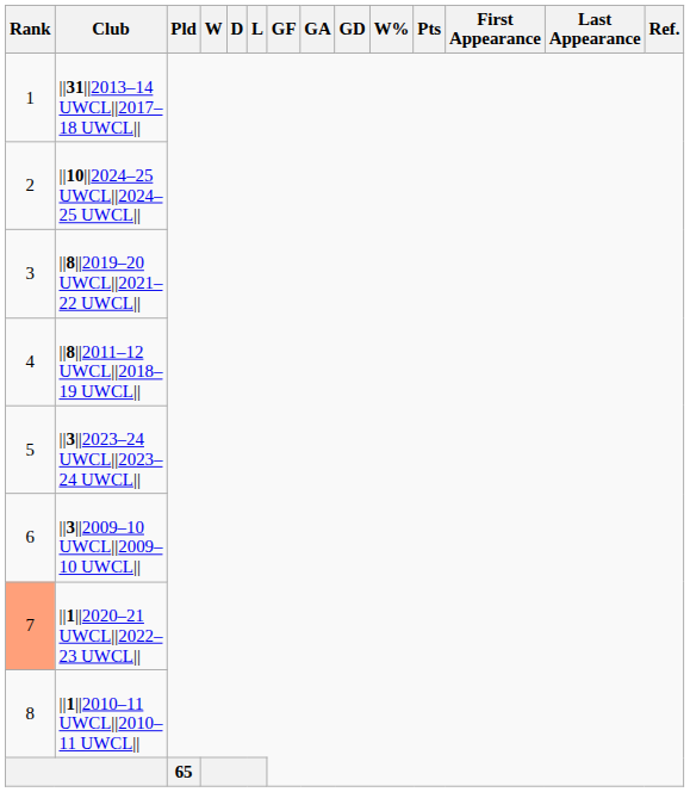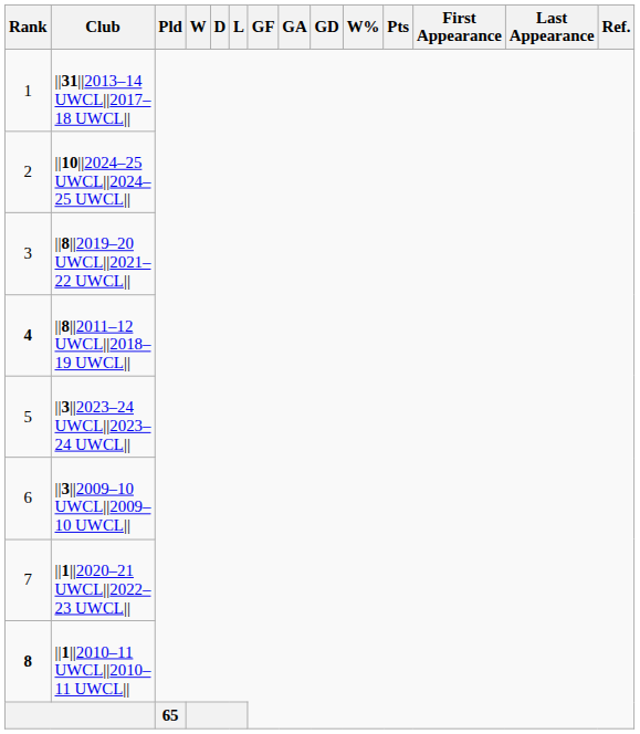 <table class="wikitable sortable" style="text-align: center;">
 <tr>
 <th>Rank</th>
 <th>Club</th>
 <th>Pld</th>
 <th>W</th>
 <th>D</th>
 <th>L</th>
 <th>GF</th>
 <th>GA</th>
 <th>GD</th>
 <th>W%</th>
 <th>Pts</th>
 <th>First Appearance</th>
 <th>Last Appearance</th>
 <th>Ref.</th>
 </tr>
 <tr>
 <td>1</td>
 <td align=left><br>||<strong>31</strong>||<a href='#'>2013–14 UWCL</a>||<a href='#'>2017–18 UWCL</a>||</td>
 </tr>
 <tr>
 <td>2</td>
 <td align=left><br>||<strong>10</strong>||<a href='#'>2024–25 UWCL</a>||<a href='#'>2024–25 UWCL</a>||</td>
 </tr>
 <tr>
 <td>3</td>
 <td align=left><br>||<strong>8</strong>||<a href='#'>2019–20 UWCL</a>||<a href='#'>2021–22 UWCL</a>||</td>
 </tr>
 <tr>
-<td>4</td>
+<td><strong>4</strong></td>
 <td align=left><br>||<strong>8</strong>||<a href='#'>2011–12 UWCL</a>||<a href='#'>2018–19 UWCL</a>||</td>
 </tr>
 <tr>
 <td>5</td>
 <td align=left><br>||<strong>3</strong>||<a href='#'>2023–24 UWCL</a>||<a href='#'>2023–24 UWCL</a>||</td>
 </tr>
 <tr>
 <td>6</td>
 <td align=left><br>||<strong>3</strong>||<a href='#'>2009–10 UWCL</a>||<a href='#'>2009–10 UWCL</a>||</td>
 </tr>
 <tr>
-<td style="background: lightsalmon;">7</td>
+<td>7</td>
 <td align=left><br>||<strong>1</strong>||<a href='#'>2020–21 UWCL</a>||<a href='#'>2022–23 UWCL</a>||</td>
 </tr>
 <tr align=center>
-<td>8</td>
+<td><strong>8</strong></td>
 <td align=left><br>||<strong>1</strong>||<a href='#'>2010–11 UWCL</a>||<a href='#'>2010–11 UWCL</a>||</td>
 </tr>
 <tr class="sortbottom">
 <th colspan="2"><br></th>
 <th><strong>65</strong></th>
 <th colspan="3"></th>
 </tr>
 </table>
